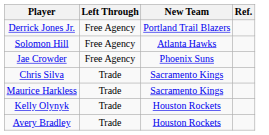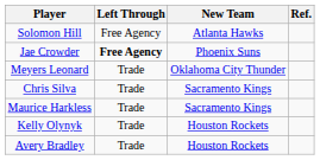 <table class="wikitable sortable sortable" style="text-align: center;">
 <tr>
 <th>Player</th>
 <th>Left Through</th>
 <th>New Team</th>
 <th>Ref.</th>
-</tr>
-<tr>
-<td><a href='#'>Derrick Jones Jr.</a></td>
-<td>Free Agency</td>
-<td><a href='#'>Portland Trail Blazers</a></td>
-<td></td>
 </tr>
 <tr>
 <td><a href='#'>Solomon Hill</a></td>
 <td>Free Agency</td>
 <td><a href='#'>Atlanta Hawks</a></td>
 <td></td>
 </tr>
 <tr>
 <td><a href='#'>Jae Crowder</a></td>
-<td>Free Agency</td>
+<td><strong>Free Agency</strong></td>
 <td><a href='#'>Phoenix Suns</a></td>
+<td></td>
+</tr>
+<tr>
+<td><a href='#'>Meyers Leonard</a></td>
+<td>Trade</td>
+<td><a href='#'>Oklahoma City Thunder</a></td>
 <td></td>
 </tr>
 <tr>
 <td><a href='#'>Chris Silva</a></td>
 <td>Trade</td>
 <td><a href='#'>Sacramento Kings</a></td>
 <td></td>
 </tr>
 <tr>
 <td><a href='#'>Maurice Harkless</a></td>
 <td>Trade</td>
 <td><a href='#'>Sacramento Kings</a></td>
 <td></td>
 </tr>
 <tr>
 <td><a href='#'>Kelly Olynyk</a></td>
 <td>Trade</td>
 <td><a href='#'>Houston Rockets</a></td>
 <td></td>
 </tr>
 <tr>
 <td><a href='#'>Avery Bradley</a></td>
 <td>Trade</td>
 <td><a href='#'>Houston Rockets</a></td>
 <td></td>
 </tr>
 </table>
